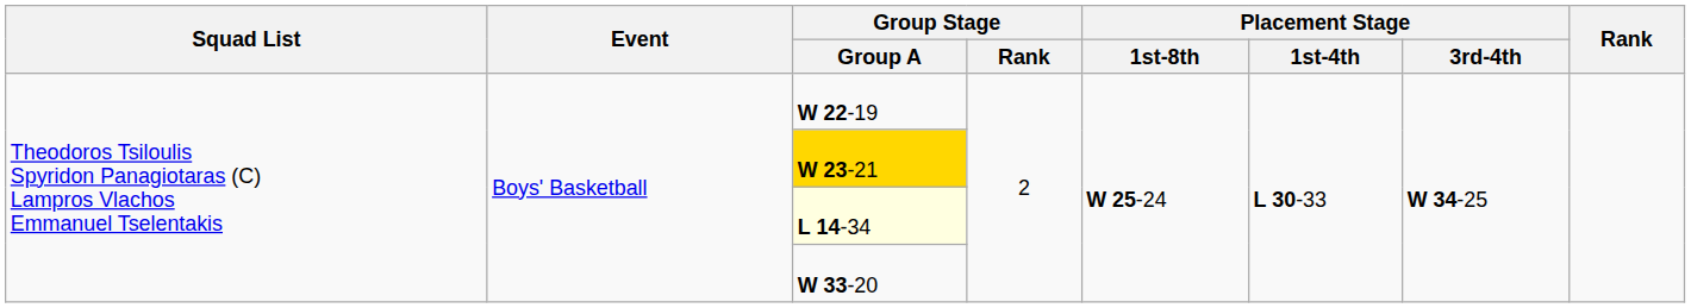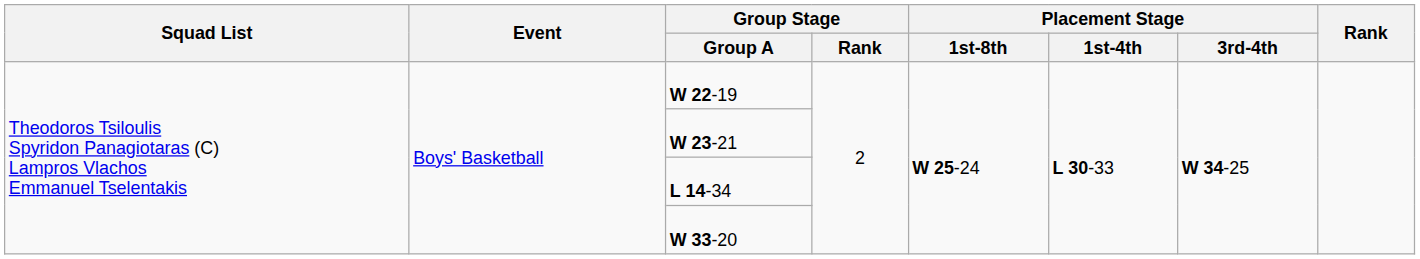 <table class="wikitable" width="90%" style="text-align:left; font-size:90%">
 <tr>
 <th rowspan="2">Squad List</th>
 <th rowspan="2">Event</th>
 <th colspan="2">Group Stage</th>
 <th colspan="3">Placement Stage</th>
 <th rowspan="2">Rank</th>
 </tr>
 <tr>
 <th>Group A</th>
 <th>Rank</th>
 <th>1st-8th</th>
 <th>1st-4th</th>
 <th>3rd-4th</th>
 </tr>
 <tr>
 <td rowspan="4"><a href='#'>Theodoros Tsiloulis</a><br><a href='#'>Spyridon Panagiotaras</a> (C)<br><a href='#'>Lampros Vlachos</a><br><a href='#'>Emmanuel Tselentakis</a></td>
 <td rowspan="4"><a href='#'>Boys' Basketball</a></td>
 <td><br> <strong>W</strong> <strong>22</strong>-19</td>
 <td rowspan="4" align=center>2</td>
 <td rowspan="4"> <br> <strong>W</strong> <strong>25</strong>-24</td>
 <td rowspan="4"> <br> <strong>L</strong> <strong>30</strong>-33</td>
 <td rowspan="4"> <br> <strong>W</strong> <strong>34</strong>-25</td>
 <td rowspan="4" align="center"></td>
 </tr>
 <tr>
-<td style="background: gold;"><br> <strong>W</strong> <strong>23</strong>-21</td>
+<td><br> <strong>W</strong> <strong>23</strong>-21</td>
 </tr>
 <tr>
-<td style="background: lightyellow;"><br> <strong>L</strong> <strong>14</strong>-34</td>
+<td><br> <strong>L</strong> <strong>14</strong>-34</td>
 </tr>
 <tr>
 <td><br> <strong>W</strong> <strong>33</strong>-20</td>
 </tr>
 </table>
